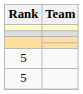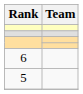 <table class="wikitable" style="text-align: center;">
 <tr>
 <th width=40>Rank</th>
 <th>Team</th>
 </tr>
 <tr bgcolor=#ffffbf>
 <td></td>
 <td align=left></td>
 </tr>
 <tr bgcolor=#dfdfdf>
 <td></td>
 <td align=left></td>
 </tr>
 <tr bgcolor=#ffdf9f>
 <td rowspan=2></td>
 <td align=left></td>
 </tr>
 <tr bgcolor=#ffdf9f>
 <td align=left></td>
 </tr>
 <tr>
-<td>5</td>
+<td>6</td>
 <td align=left></td>
 </tr>
 <tr>
 <td>5</td>
 <td align=left></td>
 </tr>
 <tr>
 </tr>
 </table>
